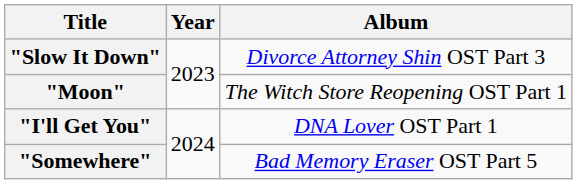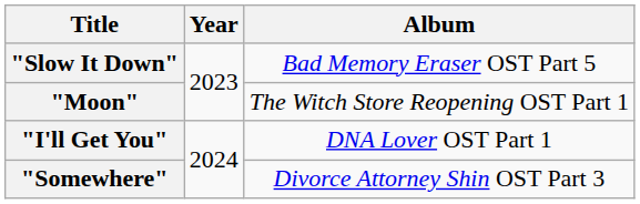 <table class="wikitable plainrowheaders" style="text-align:center" border="1">
 <tr>
 <th scope="col">Title</th>
 <th scope="col">Year</th>
 <th scope="col">Album</th>
 </tr>
 <tr>
 <th scope="row">"Slow It Down"</th>
 <td rowspan="2">2023</td>
-<td><em><a href='#'>Divorce Attorney Shin</a></em> OST Part 3</td>
+<td><em><a href='#'>Bad Memory Eraser</a></em> OST Part 5</td>
 </tr>
 <tr>
 <th scope="row">"Moon"</th>
 <td><em>The Witch Store Reopening</em> OST Part 1</td>
 </tr>
 <tr>
 <th scope="row">"I'll Get You"</th>
 <td rowspan="2">2024</td>
 <td><em><a href='#'>DNA Lover</a></em> OST Part 1</td>
 </tr>
 <tr>
 <th scope="row">"Somewhere"</th>
-<td><em><a href='#'>Bad Memory Eraser</a></em> OST Part 5</td>
+<td><em><a href='#'>Divorce Attorney Shin</a></em> OST Part 3</td>
 </tr>
 </table>
